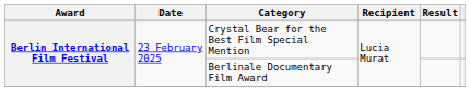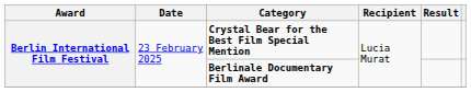 <table class="wikitable sortable plainrowheaders">
 <tr>
 <th>Award</th>
 <th>Date</th>
 <th>Category</th>
 <th>Recipient</th>
 <th>Result</th>
 <th></th>
 </tr>
 <tr>
 <th scope="row" rowspan="2"><a href='#'>Berlin International Film Festival</a></th>
 <td rowspan="2"><a href='#'>23 February 2025</a></td>
-<td>Crystal Bear for the Best Film Special Mention</td>
+<td><strong>Crystal Bear for the Best Film Special Mention</strong></td>
 <td rowspan="2">Lucia Murat</td>
 <td></td>
 <td align="center" rowspan="1"></td>
 </tr>
 <tr>
-<td>Berlinale Documentary Film Award</td>
+<td><strong>Berlinale Documentary Film Award</strong></td>
 <td></td>
 <td align="center"></td>
 </tr>
 <tr>
 </tr>
 </table>
